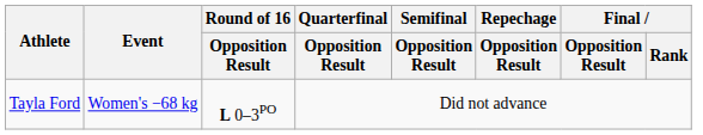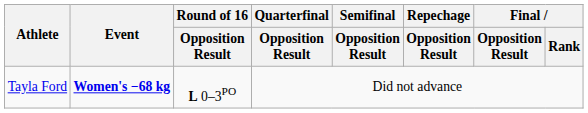 <table class=wikitable style=font-size:90%>
 <tr>
 <th rowspan=2>Athlete</th>
 <th rowspan=2>Event</th>
 <th>Round of 16</th>
 <th>Quarterfinal</th>
 <th>Semifinal</th>
 <th>Repechage</th>
 <th colspan=2>Final / </th>
 </tr>
 <tr style=font-size: 95%>
 <th>Opposition<br>Result</th>
 <th>Opposition<br>Result</th>
 <th>Opposition<br>Result</th>
 <th>Opposition<br>Result</th>
 <th>Opposition<br>Result</th>
 <th>Rank</th>
 </tr>
 <tr align=center>
 <td align=left><a href='#'>Tayla Ford</a></td>
-<td align=left><a href='#'>Women's −68 kg</a></td>
+<td align=left><strong><a href='#'>Women's −68 kg</a></strong></td>
 <td><br><strong>L</strong> 0–3<sup>PO</sup></td>
 <td colspan=5>Did not advance</td>
 </tr>
 </table>
